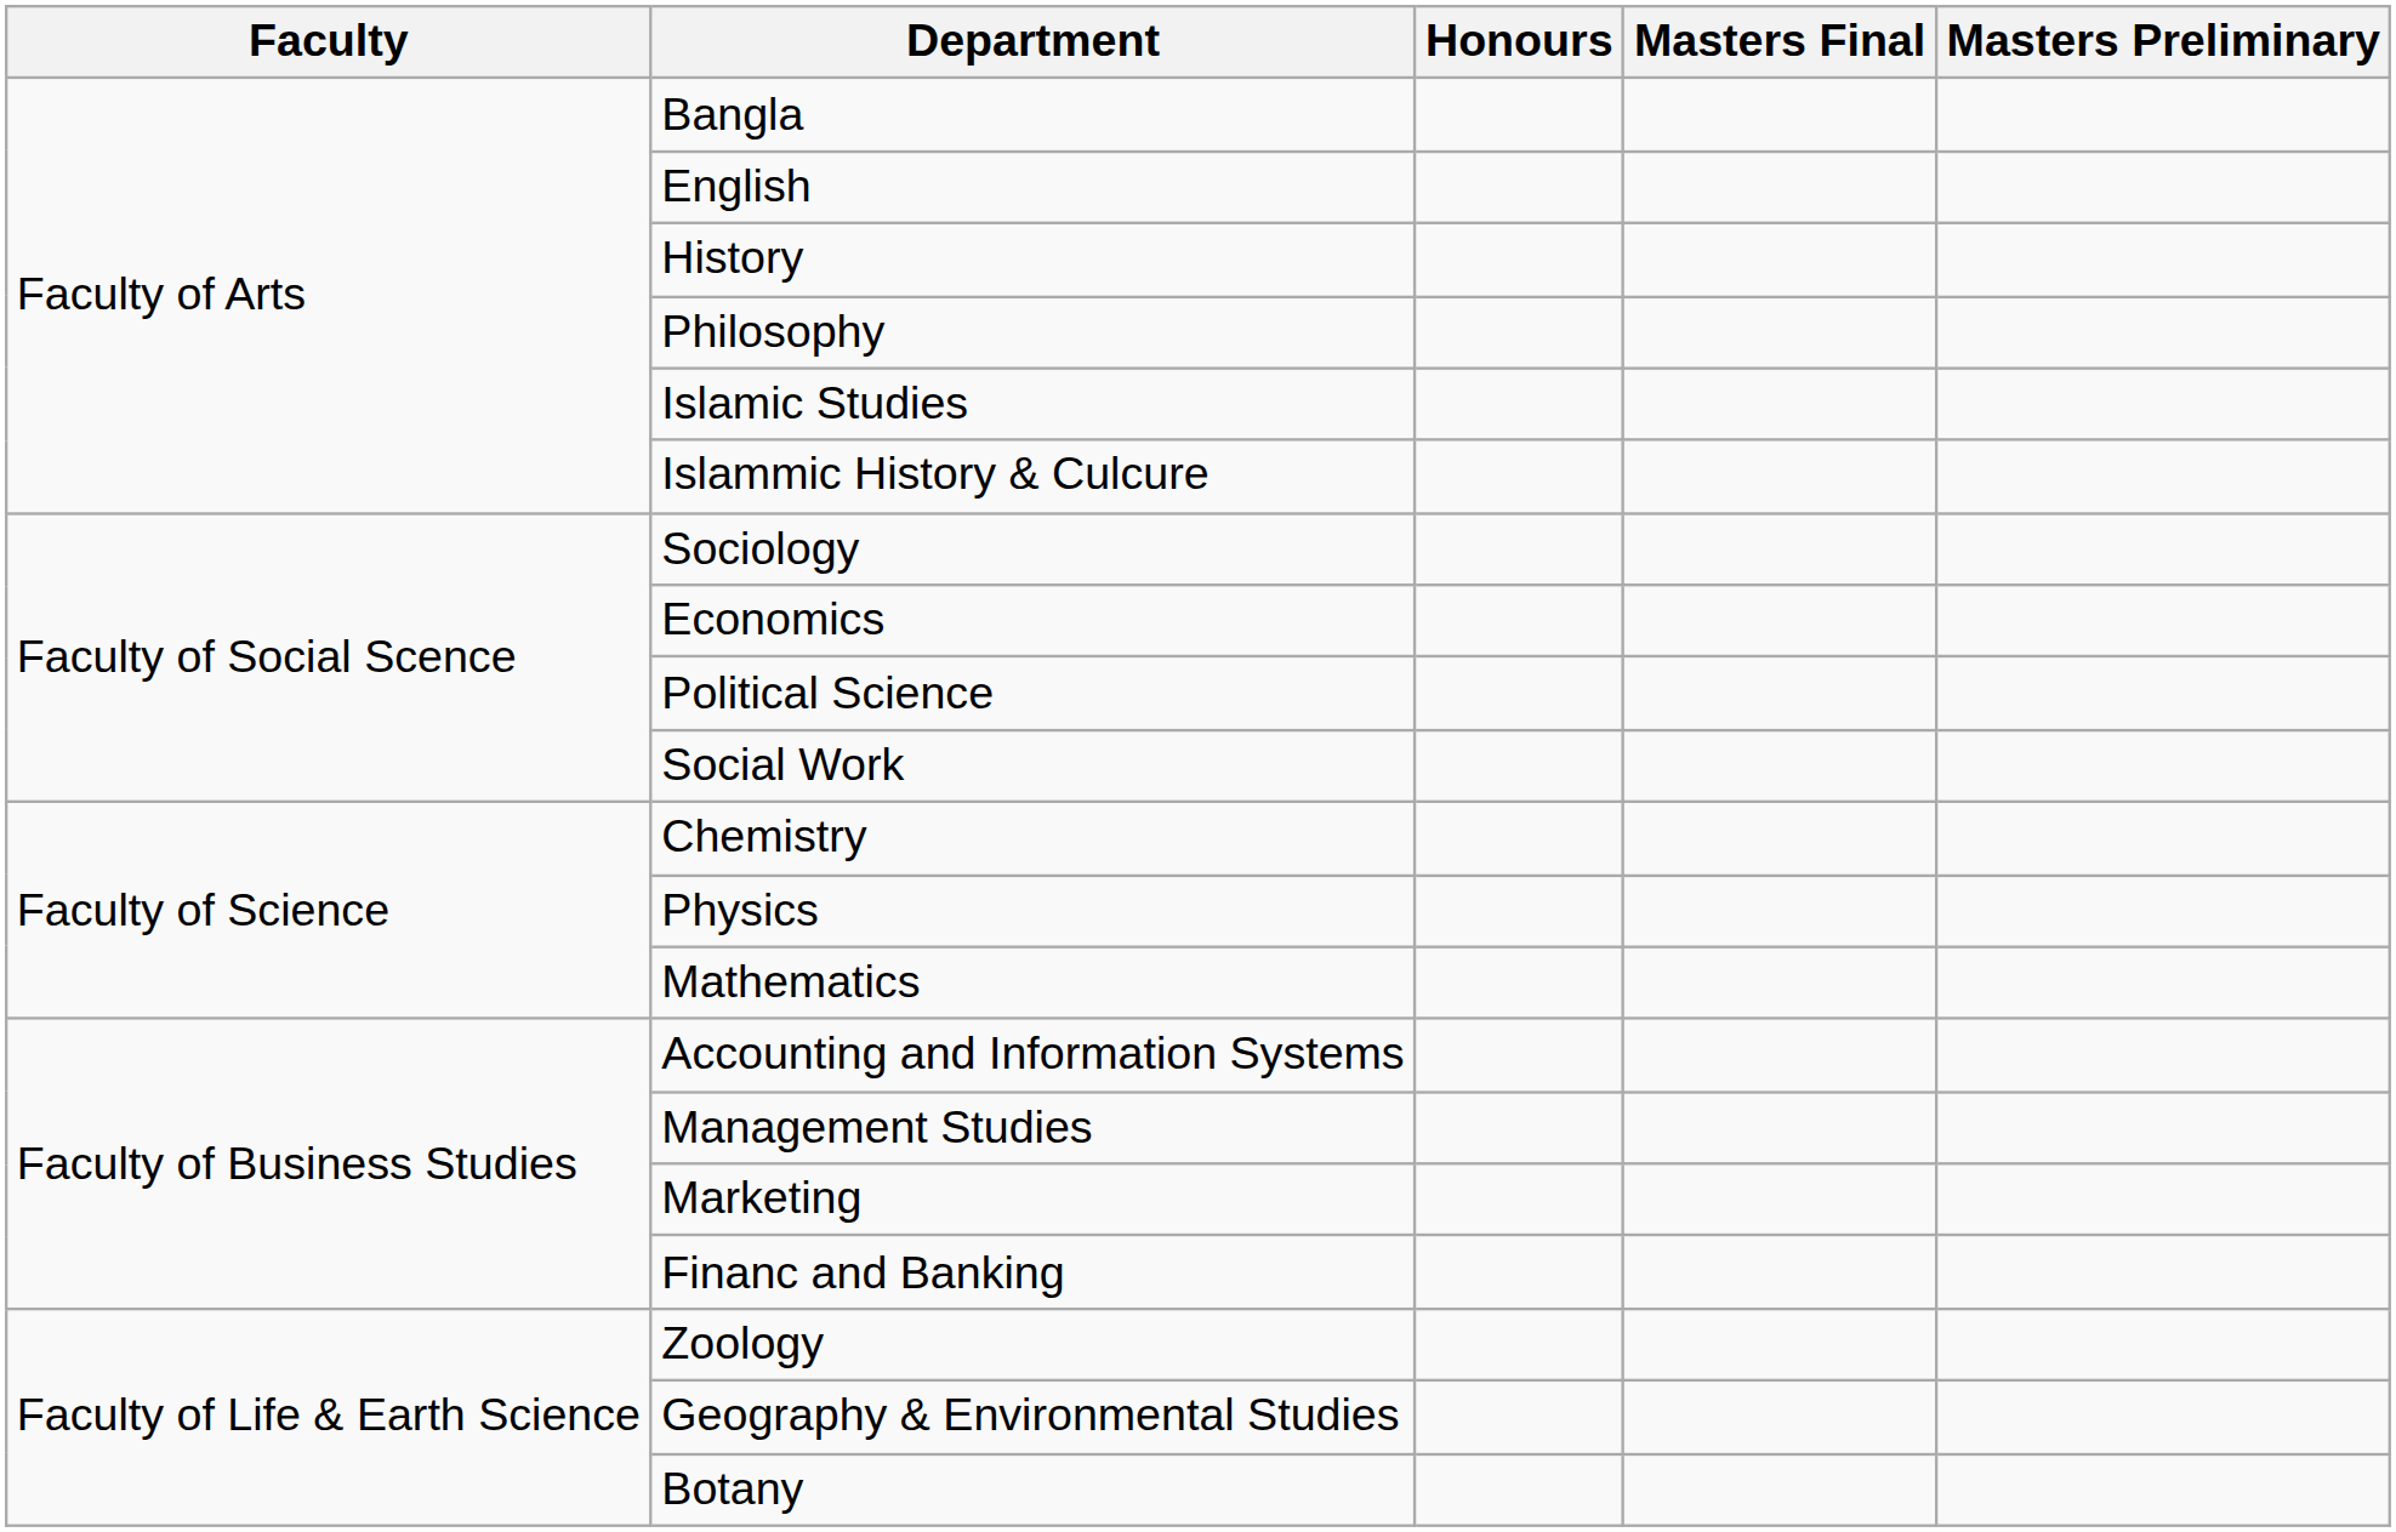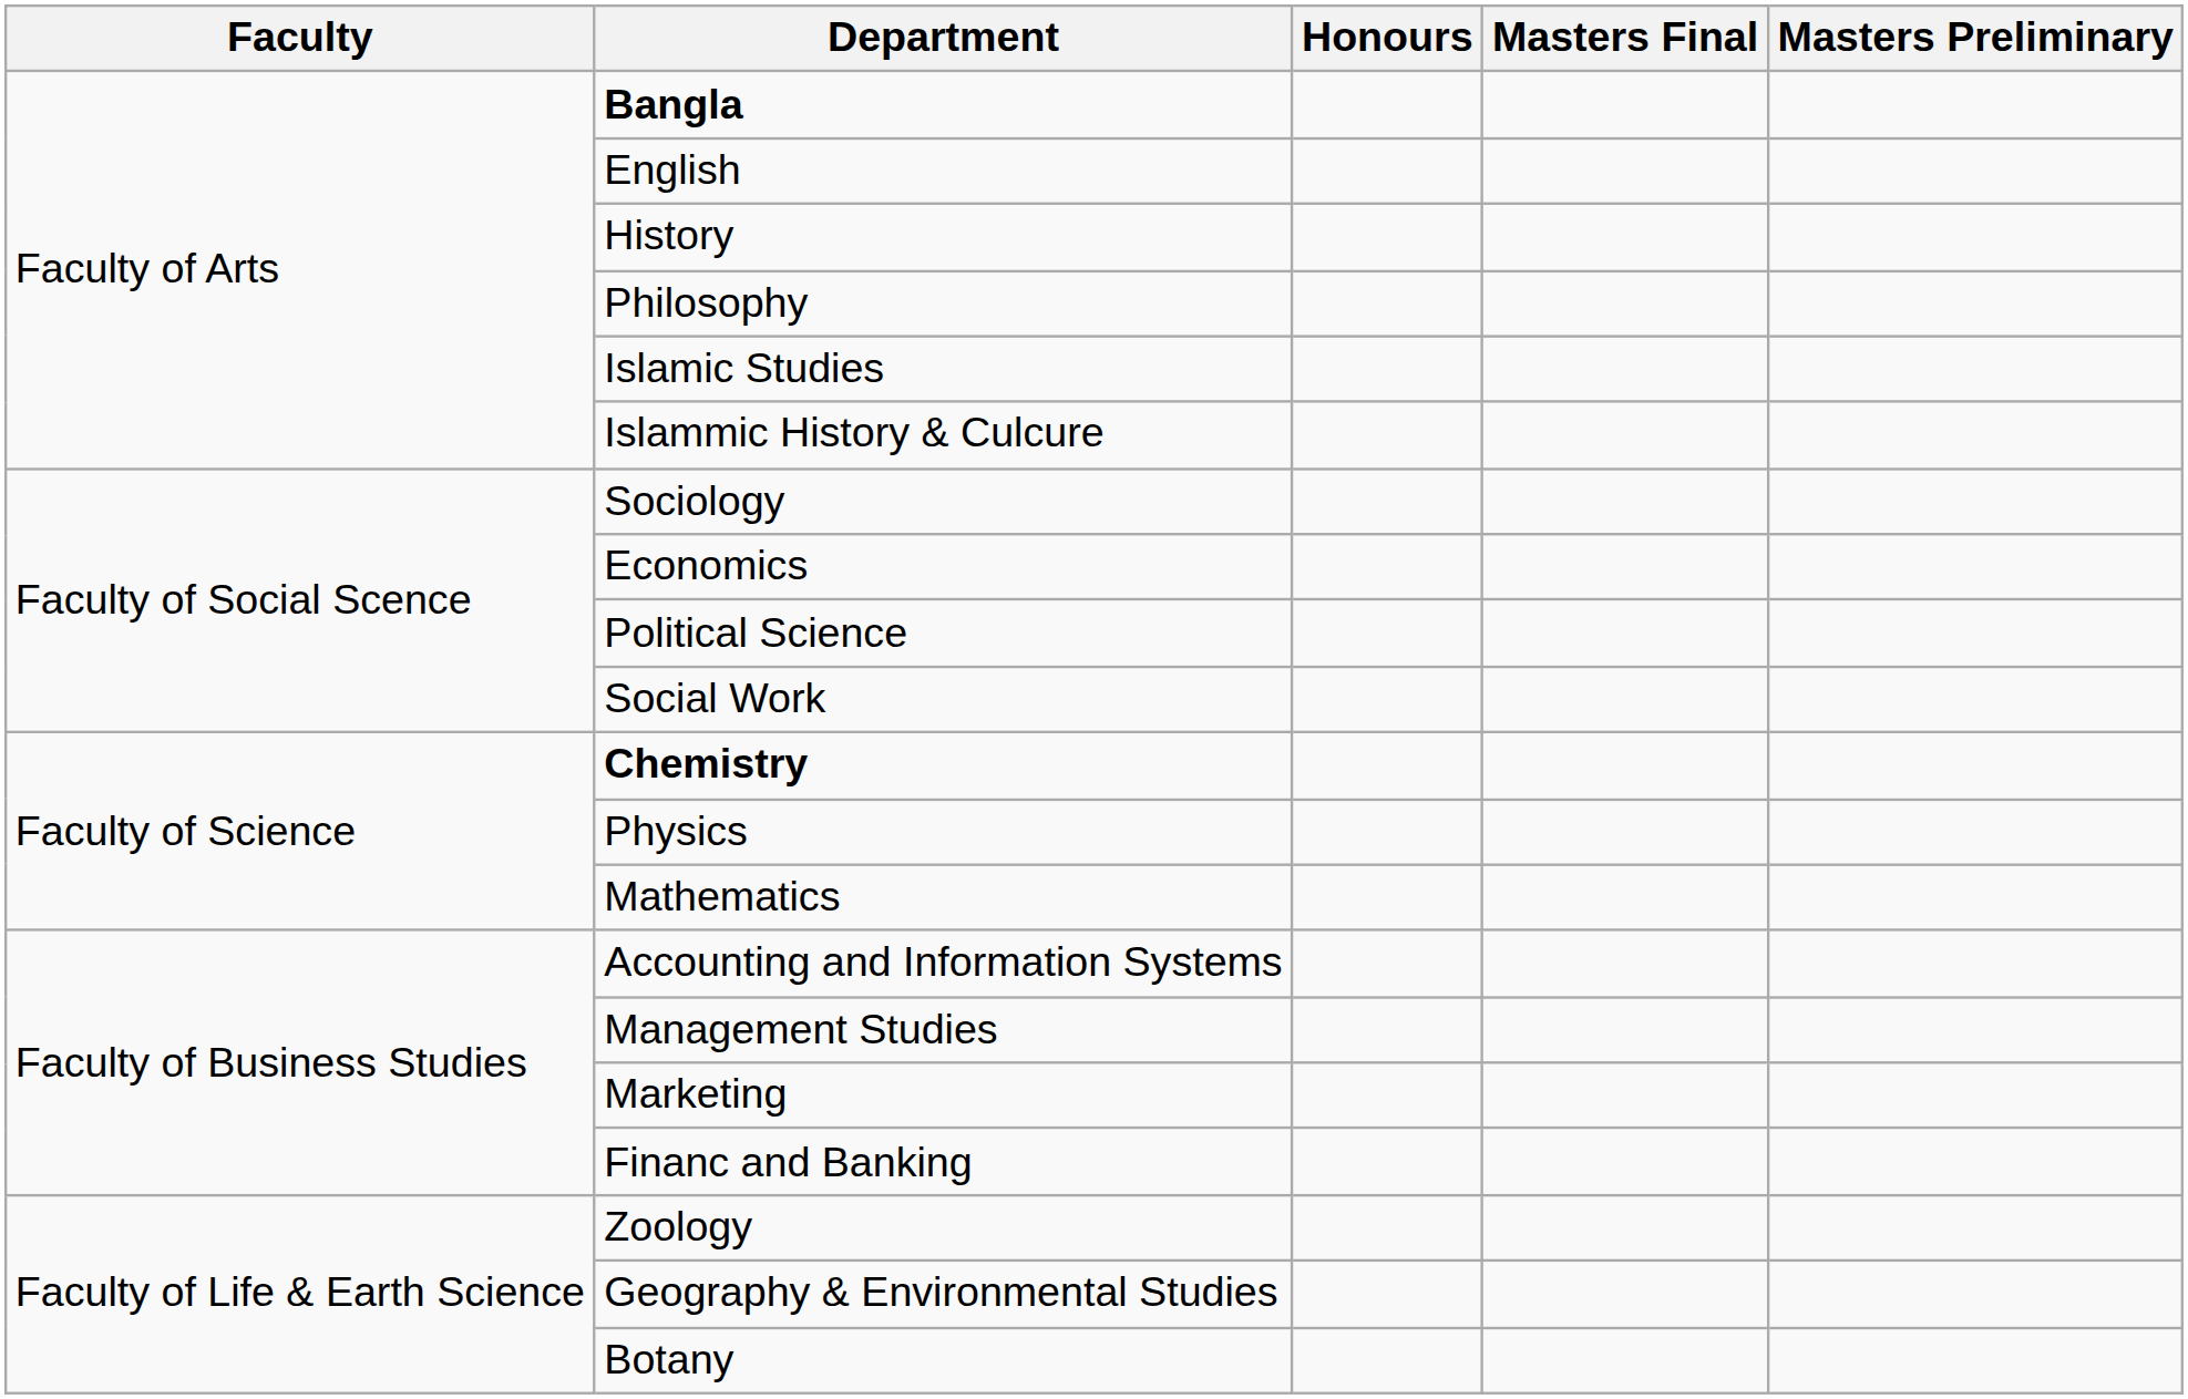 <table class="wikitable sortable plainrowheaders">
 <tr>
 <th><strong>Faculty</strong></th>
 <th><strong>Department</strong></th>
 <th><strong>Honours</strong></th>
 <th><strong>Masters Final</strong></th>
 <th><strong>Masters Preliminary</strong></th>
 </tr>
 <tr>
 <td rowspan="6">Faculty of Arts</td>
-<td>Bangla</td>
+<td><strong>Bangla</strong></td>
 <td></td>
 <td></td>
 <td></td>
 </tr>
 <tr>
 <td>English</td>
 <td></td>
 <td></td>
 <td></td>
 </tr>
 <tr>
 <td>History</td>
 <td></td>
 <td></td>
 <td></td>
 </tr>
 <tr>
 <td>Philosophy</td>
 <td></td>
 <td></td>
 <td></td>
 </tr>
 <tr>
 <td>Islamic Studies</td>
 <td></td>
 <td></td>
 <td></td>
 </tr>
 <tr>
 <td>Islammic History & Culcure</td>
 <td></td>
 <td></td>
 <td></td>
 </tr>
 <tr>
 <td rowspan="4">Faculty of Social Scence</td>
 <td>Sociology</td>
 <td></td>
 <td></td>
 <td></td>
 </tr>
 <tr>
 <td>Economics</td>
 <td></td>
 <td></td>
 <td></td>
 </tr>
 <tr>
 <td>Political Science</td>
 <td></td>
 <td></td>
 <td></td>
 </tr>
 <tr>
 <td>Social Work</td>
 <td></td>
 <td></td>
 <td></td>
 </tr>
 <tr>
 <td rowspan="3">Faculty of Science</td>
-<td>Chemistry</td>
+<td><strong>Chemistry</strong></td>
 <td></td>
 <td></td>
 <td></td>
 </tr>
 <tr>
 <td>Physics</td>
 <td></td>
 <td></td>
 <td></td>
 </tr>
 <tr>
 <td>Mathematics</td>
 <td></td>
 <td></td>
 <td></td>
 </tr>
 <tr>
 <td rowspan="4">Faculty of Business Studies</td>
 <td>Accounting and Information Systems</td>
 <td></td>
 <td></td>
 <td></td>
 </tr>
 <tr>
 <td>Management Studies</td>
 <td></td>
 <td></td>
 <td></td>
 </tr>
 <tr>
 <td>Marketing</td>
 <td></td>
 <td></td>
 <td></td>
 </tr>
 <tr>
 <td>Financ and Banking</td>
 <td></td>
 <td></td>
 <td></td>
 </tr>
 <tr>
 <td rowspan="3">Faculty of Life & Earth Science</td>
 <td>Zoology</td>
 <td></td>
 <td></td>
 <td></td>
 </tr>
 <tr>
 <td>Geography & Environmental Studies</td>
 <td></td>
 <td></td>
 <td></td>
 </tr>
 <tr>
 <td>Botany</td>
 <td></td>
 <td></td>
 <td></td>
 </tr>
 </table>
